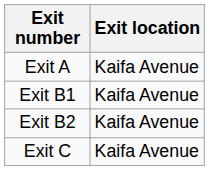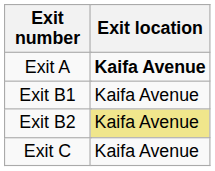 <table class="wikitable">
 <tr>
 <th colspan="2" style="width:70px">Exit number</th>
 <th>Exit location</th>
 </tr>
 <tr>
 <td colspan="2" align="center">Exit A</td>
-<td>Kaifa Avenue</td>
+<td><strong>Kaifa Avenue</strong></td>
 </tr>
 <tr>
 <td colspan="2" align="center">Exit B1</td>
 <td>Kaifa Avenue</td>
 </tr>
 <tr>
 <td colspan="2" align="center">Exit B2</td>
-<td>Kaifa Avenue</td>
+<td style="background: khaki;">Kaifa Avenue</td>
 </tr>
 <tr>
 <td colspan="2" align="center">Exit C</td>
 <td>Kaifa Avenue</td>
 </tr>
 </table>
